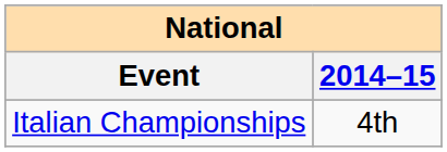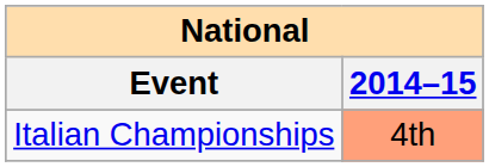 <table class="wikitable" style="text-align:center">
 <tr>
 <th style="background-color: #ffdead; " colspan=2 align=center><strong>National</strong></th>
 </tr>
 <tr>
 <th>Event</th>
 <th><a href='#'>2014–15</a></th>
 </tr>
 <tr>
 <td align=left><a href='#'>Italian Championships</a></td>
-<td>4th</td>
+<td style="background: lightsalmon;">4th</td>
 </tr>
 </table>
